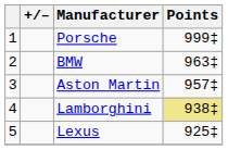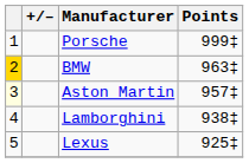 <table class="wikitable" style="font-size: 95%;">
 <tr>
 <th scope="col"></th>
 <th scope="col">+/–</th>
 <th scope="col">Manufacturer</th>
 <th scope="col">Points</th>
 </tr>
 <tr>
 <td align=center>1</td>
 <td align="left"></td>
 <td> <a href='#'>Porsche</a></td>
 <td align=right>999‡</td>
 </tr>
 <tr>
-<td align=center>2</td>
+<td align=center style="background: gold;">2</td>
 <td align="left"></td>
 <td> <a href='#'>BMW</a></td>
 <td align=right>963‡</td>
 </tr>
 <tr>
-<td align=center>3</td>
+<td align=center style="background: lightyellow;">3</td>
 <td align="left"></td>
 <td> <a href='#'>Aston Martin</a></td>
 <td align=right>957‡</td>
 </tr>
 <tr>
 <td align=center>4</td>
 <td align="left"></td>
 <td> <a href='#'>Lamborghini</a></td>
-<td align=right style="background: khaki;">938‡</td>
+<td align=right>938‡</td>
 </tr>
 <tr>
 <td align=center>5</td>
 <td align="left"></td>
 <td> <a href='#'>Lexus</a></td>
 <td align=right>925‡</td>
 </tr>
 <tr>
 </tr>
 </table>
